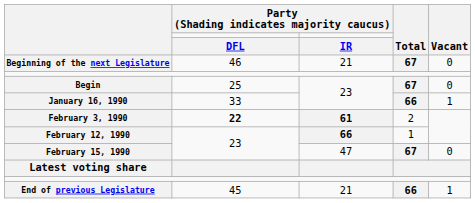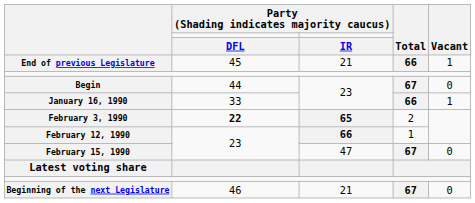 <table class=wikitable style="text-align:center">
 <tr style="vertical-align:bottom;">
 <th rowspan=3></th>
 <th colspan=2>Party <div>(Shading indicates majority caucus)</div></th>
 <th rowspan=3>Total</th>
 <th rowspan=3>Vacant</th>
 </tr>
 <tr style="height:5px">
 <td style="background-color:"></td>
 <td style="background-color:"></td>
 </tr>
 <tr>
 <th><a href='#'>DFL</a></th>
 <th><a href='#'>IR</a></th>
 </tr>
 <tr>
-<th style="white-space:nowrap; font-size:80%;">Beginning of the <a href='#'>next Legislature</a></th>
-<td>46</td>
+<th style="white-space:nowrap; font-size:80%;">End of <a href='#'>previous Legislature</a></th>
+<td>45</td>
 <td>21</td>
-<th>67</th>
-<td>0</td>
+<th>66</th>
+<td>1</td>
 </tr>
 <tr>
 <td colspan=5></td>
 </tr>
 <tr>
 <th style="font-size:80%">Begin</th>
-<td>25</td>
+<td>44</td>
 <td rowspan="2">23</td>
 <th>67</th>
 <td>0</td>
 </tr>
 <tr>
 <th style="font-size:80%">January 16, 1990 </th>
 <td>33</td>
 <th>66</th>
 <td>1</td>
 </tr>
 <tr>
 <th style="font-size:80%">February 3, 1990 </th>
 <td><strong>22</strong></td>
-<th>61</th>
+<th>65</th>
 <td>2</td>
 </tr>
 <tr>
 <th style="font-size:80%">February 12, 1990 </th>
 <td rowspan="2">23</td>
 <th>66</th>
 <td>1</td>
 </tr>
 <tr>
 <th style="font-size:80%">February 15, 1990 </th>
 <td>47</td>
 <th>67</th>
 <td>0</td>
 </tr>
 <tr>
 <th>Latest voting share</th>
 <th></th>
 <th></th>
 <th colspan=2></th>
 </tr>
 <tr>
 <td colspan=5></td>
 </tr>
 <tr>
-<th style="white-space:nowrap; font-size:80%;">End of <a href='#'>previous Legislature</a></th>
-<td>45</td>
+<th style="white-space:nowrap; font-size:80%;">Beginning of the <a href='#'>next Legislature</a></th>
+<td>46</td>
 <td>21</td>
-<th>66</th>
-<td>1</td>
+<th>67</th>
+<td>0</td>
 </tr>
 </table>
